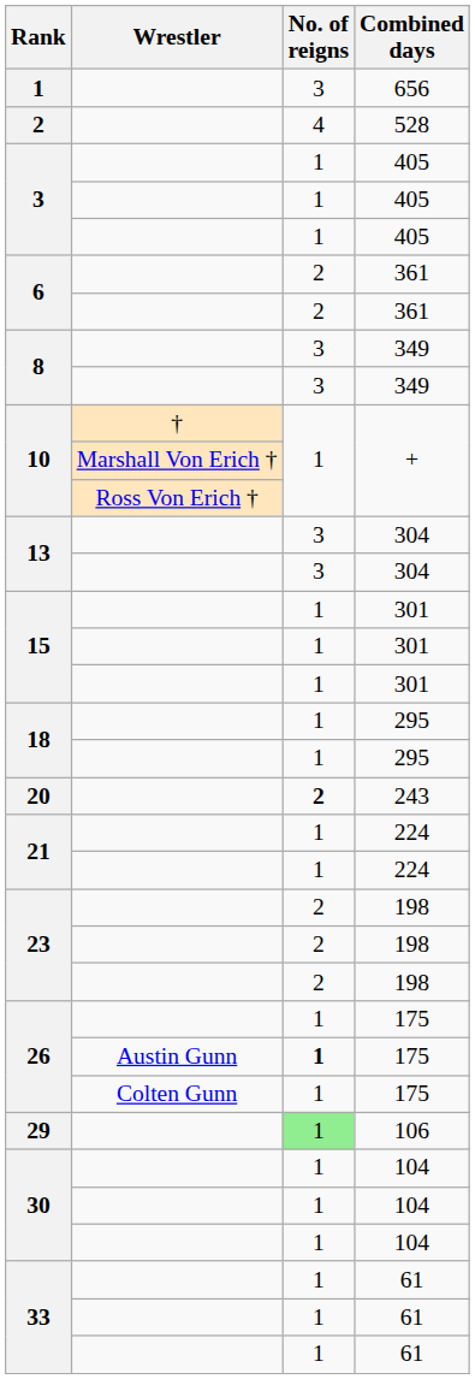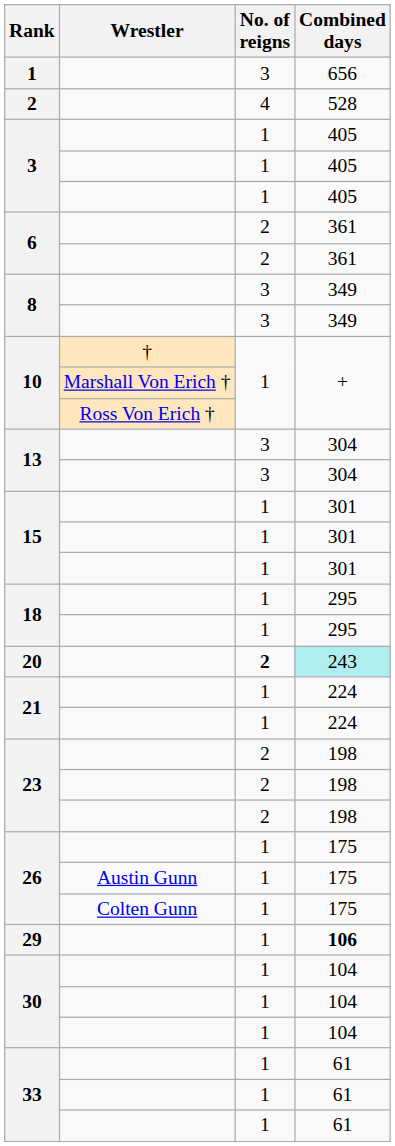 <table class="wikitable sortable" style="text-align:center">
 <tr>
 <th>Rank</th>
 <th>Wrestler</th>
 <th>No. of<br>reigns</th>
 <th>Combined<br>days</th>
 </tr>
 <tr>
 <th>1</th>
 <td></td>
 <td>3</td>
 <td>656</td>
 </tr>
 <tr>
 <th>2</th>
 <td></td>
 <td>4</td>
 <td>528</td>
 </tr>
 <tr>
 <th rowspan="3">3</th>
 <td></td>
 <td>1</td>
 <td>405</td>
 </tr>
 <tr>
 <td></td>
 <td>1</td>
 <td>405</td>
 </tr>
 <tr>
 <td></td>
 <td>1</td>
 <td>405</td>
 </tr>
 <tr>
 <th rowspan="2">6</th>
 <td></td>
 <td>2</td>
 <td>361</td>
 </tr>
 <tr>
 <td></td>
 <td>2</td>
 <td>361</td>
 </tr>
 <tr>
 <th rowspan="2">8</th>
 <td></td>
 <td>3</td>
 <td>349</td>
 </tr>
 <tr>
 <td></td>
 <td>3</td>
 <td>349</td>
 </tr>
 <tr>
 <th rowspan="3">10</th>
 <td style="background:#ffe6bd;"> †</td>
 <td rowspan="3">1</td>
 <td colspan="2" rowspan="3">+</td>
 </tr>
 <tr>
 <td style="background:#ffe6bd;"><a href='#'>Marshall Von Erich</a> †</td>
 </tr>
 <tr>
 <td style="background:#ffe6bd;"><a href='#'>Ross Von Erich</a> †</td>
 </tr>
 <tr>
 <th rowspan="2">13</th>
 <td></td>
 <td>3</td>
 <td>304</td>
 </tr>
 <tr>
 <td></td>
 <td>3</td>
 <td>304</td>
 </tr>
 <tr>
 <th rowspan="3">15</th>
 <td></td>
 <td>1</td>
 <td>301</td>
 </tr>
 <tr>
 <td></td>
 <td>1</td>
 <td>301</td>
 </tr>
 <tr>
 <td></td>
 <td>1</td>
 <td>301</td>
 </tr>
 <tr>
 <th rowspan="2">18</th>
 <td></td>
 <td>1</td>
 <td>295</td>
 </tr>
 <tr>
 <td></td>
 <td>1</td>
 <td>295</td>
 </tr>
 <tr>
 <th>20</th>
 <td></td>
 <td><strong>2</strong></td>
-<td>243</td>
+<td style="background: paleturquoise;">243</td>
 </tr>
 <tr>
 <th rowspan="2">21</th>
 <td></td>
 <td>1</td>
 <td>224</td>
 </tr>
 <tr>
 <td></td>
 <td>1</td>
 <td>224</td>
 </tr>
 <tr>
 <th rowspan="3">23</th>
 <td></td>
 <td>2</td>
 <td>198</td>
 </tr>
 <tr>
 <td></td>
 <td>2</td>
 <td>198</td>
 </tr>
 <tr>
 <td></td>
 <td>2</td>
 <td>198</td>
 </tr>
 <tr>
 <th rowspan="3">26</th>
 <td></td>
 <td>1</td>
 <td>175</td>
 </tr>
 <tr>
 <td><a href='#'>Austin Gunn</a></td>
-<td><strong>1</strong></td>
+<td>1</td>
 <td>175</td>
 </tr>
 <tr>
 <td><a href='#'>Colten Gunn</a></td>
 <td>1</td>
 <td>175</td>
 </tr>
 <tr>
 <th>29</th>
 <td></td>
-<td style="background: lightgreen;">1</td>
-<td>106</td>
+<td>1</td>
+<td><strong>106</strong></td>
 </tr>
 <tr>
 <th rowspan="3">30</th>
 <td></td>
 <td>1</td>
 <td>104</td>
 </tr>
 <tr>
 <td></td>
 <td>1</td>
 <td>104</td>
 </tr>
 <tr>
 <td></td>
 <td>1</td>
 <td>104</td>
 </tr>
 <tr>
 <th rowspan="3">33</th>
 <td></td>
 <td>1</td>
 <td>61</td>
 </tr>
 <tr>
 <td></td>
 <td>1</td>
 <td>61</td>
 </tr>
 <tr>
 <td></td>
 <td>1</td>
 <td>61</td>
 </tr>
 <tr>
 </tr>
 </table>
